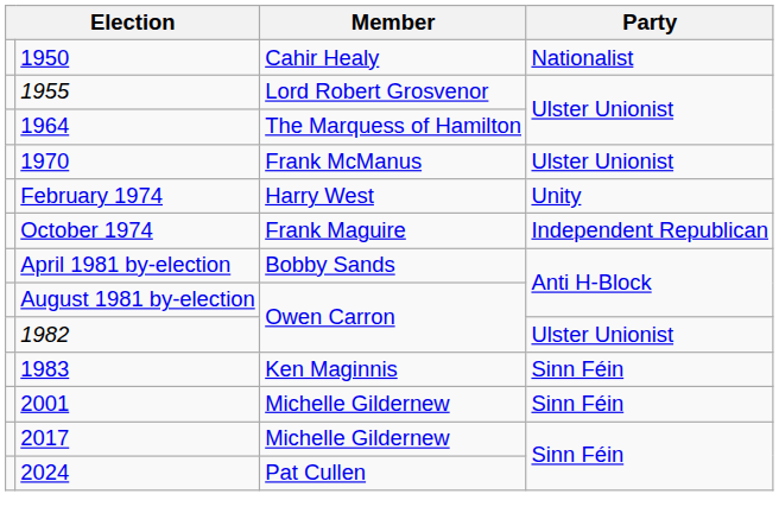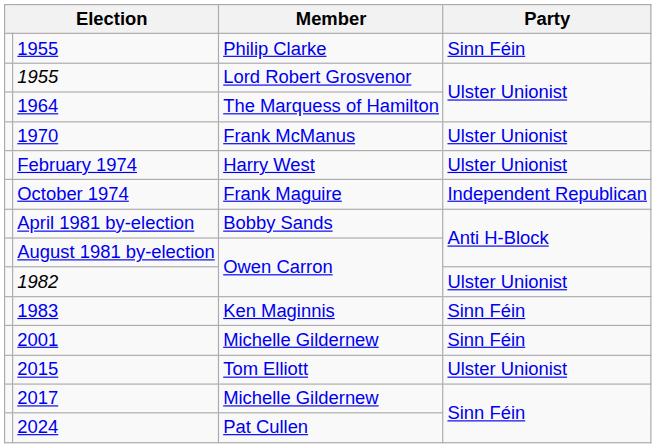 <table class="wikitable">
 <tr>
 <th colspan="2">Election</th>
 <th>Member</th>
 <th>Party</th>
 </tr>
 <tr>
 <td style="color:inherit;background-color: "></td>
-<td><a href='#'>1950</a></td>
-<td><a href='#'>Cahir Healy</a></td>
-<td><a href='#'>Nationalist</a></td>
+<td><a href='#'>1955</a></td>
+<td><a href='#'>Philip Clarke</a></td>
+<td><a href='#'>Sinn Féin</a></td>
 </tr>
 <tr>
 <td style="color:inherit;background-color: "></td>
 <td><em>1955</em></td>
 <td><a href='#'>Lord Robert Grosvenor</a></td>
 <td rowspan="2"><a href='#'>Ulster Unionist</a></td>
 </tr>
 <tr>
 <td style="color:inherit;background-color: "></td>
 <td><a href='#'>1964</a></td>
 <td><a href='#'>The Marquess of Hamilton</a></td>
 </tr>
 <tr>
 <td style="color:inherit;background-color: "></td>
 <td><a href='#'>1970</a></td>
 <td><a href='#'>Frank McManus</a></td>
 <td><a href='#'>Ulster Unionist</a></td>
 </tr>
 <tr>
 <td style="color:inherit;background-color: "></td>
 <td><a href='#'>February 1974</a></td>
 <td><a href='#'>Harry West</a></td>
-<td><a href='#'>Unity</a></td>
+<td><a href='#'>Ulster Unionist</a></td>
 </tr>
 <tr>
 <td style="color:inherit;background-color: "></td>
 <td><a href='#'>October 1974</a></td>
 <td><a href='#'>Frank Maguire</a></td>
 <td><a href='#'>Independent Republican</a></td>
 </tr>
 <tr>
 <td style="color:inherit;background-color: "></td>
 <td><a href='#'>April 1981 by-election</a></td>
 <td><a href='#'>Bobby Sands</a></td>
 <td rowspan="2"><a href='#'>Anti H-Block</a></td>
 </tr>
 <tr>
 <td style="color:inherit;background-color: "></td>
 <td><a href='#'>August 1981 by-election</a></td>
 <td rowspan=2><a href='#'>Owen Carron</a></td>
 </tr>
 <tr>
 <td style="color:inherit;background-color: "></td>
 <td><em>1982</em></td>
 <td><a href='#'>Ulster Unionist</a></td>
 </tr>
 <tr>
 <td style="color:inherit;background-color: "></td>
 <td><a href='#'>1983</a></td>
 <td><a href='#'>Ken Maginnis</a></td>
 <td><a href='#'>Sinn Féin</a></td>
 </tr>
 <tr>
 <td style="color:inherit;background-color: "></td>
 <td><a href='#'>2001</a></td>
 <td><a href='#'>Michelle Gildernew</a></td>
 <td><a href='#'>Sinn Féin</a></td>
 </tr>
 <tr>
 <td style="color:inherit;background-color: "></td>
+<td><a href='#'>2015</a></td>
+<td><a href='#'>Tom Elliott</a></td>
+<td><a href='#'>Ulster Unionist</a></td>
+</tr>
+<tr>
+<td style="color:inherit;background-color: "></td>
 <td><a href='#'>2017</a></td>
 <td><a href='#'>Michelle Gildernew</a></td>
 <td rowspan="2"><a href='#'>Sinn Féin</a></td>
 </tr>
 <tr>
 <td style="color:inherit;background-color: "></td>
 <td><a href='#'>2024</a></td>
 <td><a href='#'>Pat Cullen</a></td>
 </tr>
 </table>
